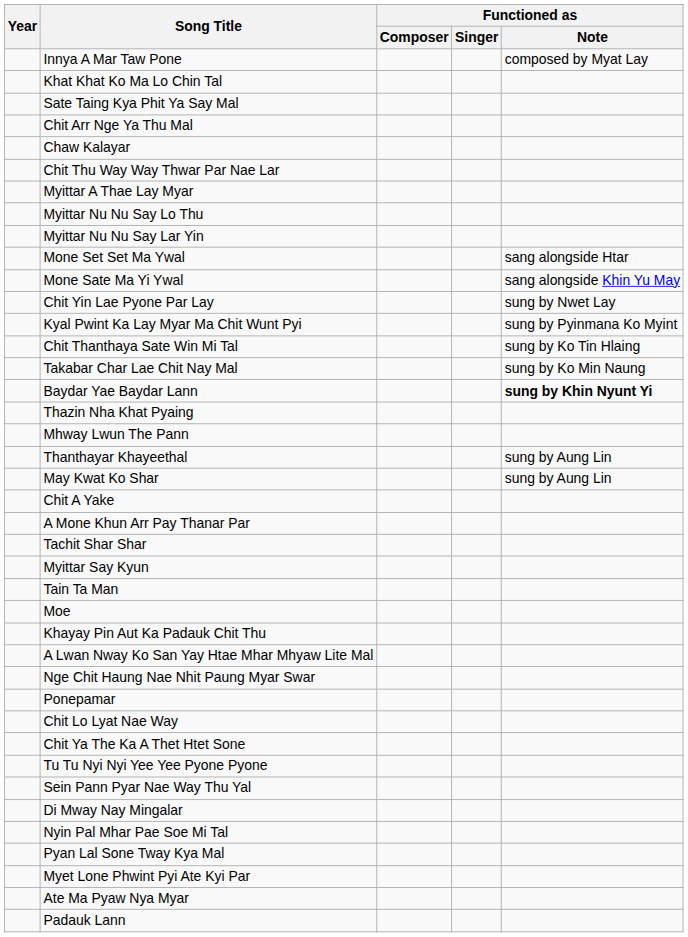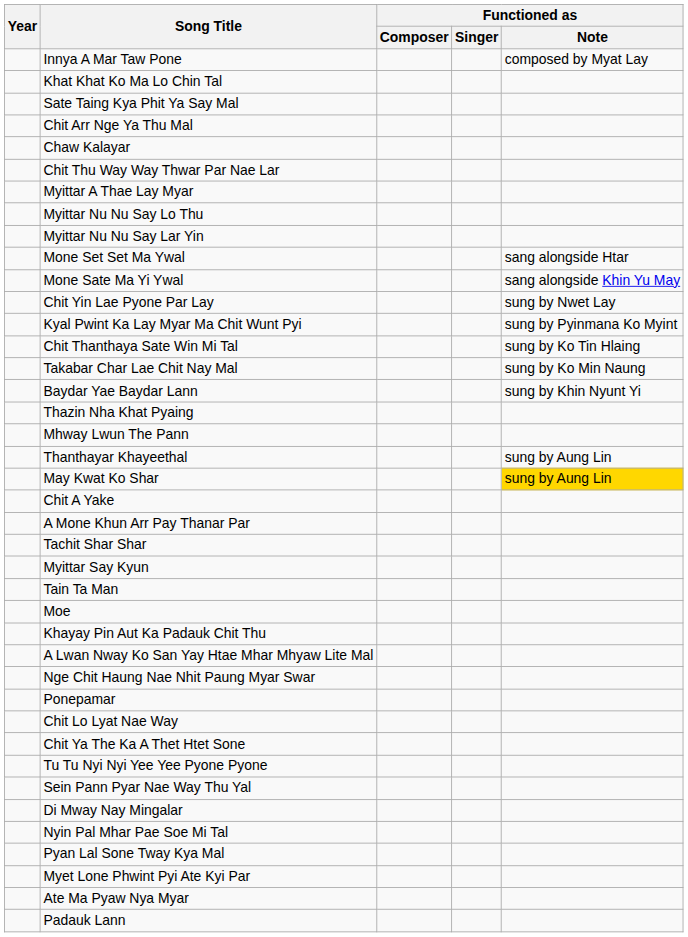 <table class="wikitable">
 <tr>
 <th rowspan="2">Year</th>
 <th rowspan="2">Song Title</th>
 <th colspan="5">Functioned as</th>
 </tr>
 <tr>
 <th>Composer</th>
 <th>Singer</th>
 <th>Note</th>
 </tr>
 <tr>
 <td></td>
 <td>Innya A Mar Taw Pone</td>
 <td></td>
 <td></td>
 <td>composed by Myat Lay</td>
 </tr>
 <tr>
 <td></td>
 <td>Khat Khat Ko Ma Lo Chin Tal</td>
 <td></td>
 <td></td>
 <td></td>
 </tr>
 <tr>
 <td></td>
 <td>Sate Taing Kya Phit Ya Say Mal</td>
 <td></td>
 <td></td>
 <td></td>
 </tr>
 <tr>
 <td></td>
 <td>Chit Arr Nge Ya Thu Mal</td>
 <td></td>
 <td></td>
 <td></td>
 </tr>
 <tr>
 <td></td>
 <td>Chaw Kalayar</td>
 <td></td>
 <td></td>
 <td></td>
 </tr>
 <tr>
 <td></td>
 <td>Chit Thu Way Way Thwar Par Nae Lar</td>
 <td></td>
 <td></td>
 <td></td>
 </tr>
 <tr>
 <td></td>
 <td>Myittar A Thae Lay Myar</td>
 <td></td>
 <td></td>
 <td></td>
 </tr>
 <tr>
 <td></td>
 <td>Myittar Nu Nu Say Lo Thu</td>
 <td></td>
 <td></td>
 <td></td>
 </tr>
 <tr>
 <td></td>
 <td>Myittar Nu Nu Say Lar Yin</td>
 <td></td>
 <td></td>
 <td></td>
 </tr>
 <tr>
 <td></td>
 <td>Mone Set Set Ma Ywal</td>
 <td></td>
 <td></td>
 <td>sang alongside Htar</td>
 </tr>
 <tr>
 <td></td>
 <td>Mone Sate Ma Yi Ywal</td>
 <td></td>
 <td></td>
 <td>sang alongside <a href='#'>Khin Yu May</a></td>
 </tr>
 <tr>
 <td></td>
 <td>Chit Yin Lae Pyone Par Lay</td>
 <td></td>
 <td></td>
 <td>sung by Nwet Lay</td>
 </tr>
 <tr>
 <td></td>
 <td>Kyal Pwint Ka Lay Myar Ma Chit Wunt Pyi</td>
 <td></td>
 <td></td>
 <td>sung by Pyinmana Ko Myint</td>
 </tr>
 <tr>
 <td></td>
 <td>Chit Thanthaya Sate Win Mi Tal</td>
 <td></td>
 <td></td>
 <td>sung by Ko Tin Hlaing</td>
 </tr>
 <tr>
 <td></td>
 <td>Takabar Char Lae Chit Nay Mal</td>
 <td></td>
 <td></td>
 <td>sung by Ko Min Naung</td>
 </tr>
 <tr>
 <td></td>
 <td>Baydar Yae Baydar Lann</td>
 <td></td>
 <td></td>
-<td><strong>sung by Khin Nyunt Yi</strong></td>
+<td>sung by Khin Nyunt Yi</td>
 </tr>
 <tr>
 <td></td>
 <td>Thazin Nha Khat Pyaing</td>
 <td></td>
 <td></td>
 <td></td>
 </tr>
 <tr>
 <td></td>
 <td>Mhway Lwun The Pann</td>
 <td></td>
 <td></td>
 <td></td>
 </tr>
 <tr>
 <td></td>
 <td>Thanthayar Khayeethal</td>
 <td></td>
 <td></td>
 <td>sung by Aung Lin</td>
 </tr>
 <tr>
 <td></td>
 <td>May Kwat Ko Shar</td>
 <td></td>
 <td></td>
-<td>sung by Aung Lin</td>
+<td style="background: gold;">sung by Aung Lin</td>
 </tr>
 <tr>
 <td></td>
 <td>Chit A Yake</td>
 <td></td>
 <td></td>
 <td></td>
 </tr>
 <tr>
 <td></td>
 <td>A Mone Khun Arr Pay Thanar Par</td>
 <td></td>
 <td></td>
 <td></td>
 </tr>
 <tr>
 <td></td>
 <td>Tachit Shar Shar</td>
 <td></td>
 <td></td>
 <td></td>
 </tr>
 <tr>
 <td></td>
 <td>Myittar Say Kyun</td>
 <td></td>
 <td></td>
 <td></td>
 </tr>
 <tr>
 <td></td>
 <td>Tain Ta Man</td>
 <td></td>
 <td></td>
 <td></td>
 </tr>
 <tr>
 <td></td>
 <td>Moe</td>
 <td></td>
 <td></td>
 <td></td>
 </tr>
 <tr>
 <td></td>
 <td>Khayay Pin Aut Ka Padauk Chit Thu</td>
 <td></td>
 <td></td>
 <td></td>
 </tr>
 <tr>
 <td></td>
 <td>A Lwan Nway Ko San Yay Htae Mhar Mhyaw Lite Mal</td>
 <td></td>
 <td></td>
 <td></td>
 </tr>
 <tr>
 <td></td>
 <td>Nge Chit Haung Nae Nhit Paung Myar Swar</td>
 <td></td>
 <td></td>
 <td></td>
 </tr>
 <tr>
 <td></td>
 <td>Ponepamar</td>
 <td></td>
 <td></td>
 <td></td>
 </tr>
 <tr>
 <td></td>
 <td>Chit Lo Lyat Nae Way</td>
 <td></td>
 <td></td>
 <td></td>
 </tr>
 <tr>
 <td></td>
 <td>Chit Ya The Ka A Thet Htet Sone</td>
 <td></td>
 <td></td>
 <td></td>
 </tr>
 <tr>
 <td></td>
 <td>Tu Tu Nyi Nyi Yee Yee Pyone Pyone</td>
 <td></td>
 <td></td>
 <td></td>
 </tr>
 <tr>
 <td></td>
 <td>Sein Pann Pyar Nae Way Thu Yal</td>
 <td></td>
 <td></td>
 <td></td>
 </tr>
 <tr>
 <td></td>
 <td>Di Mway Nay Mingalar</td>
 <td></td>
 <td></td>
 <td></td>
 </tr>
 <tr>
 <td></td>
 <td>Nyin Pal Mhar Pae Soe Mi Tal</td>
 <td></td>
 <td></td>
 <td></td>
 </tr>
 <tr>
 <td></td>
 <td>Pyan Lal Sone Tway Kya Mal</td>
 <td></td>
 <td></td>
 <td></td>
 </tr>
 <tr>
 <td></td>
 <td>Myet Lone Phwint Pyi Ate Kyi Par</td>
 <td></td>
 <td></td>
 <td></td>
 </tr>
 <tr>
 <td></td>
 <td>Ate Ma Pyaw Nya Myar</td>
 <td></td>
 <td></td>
 <td></td>
 </tr>
 <tr>
 <td></td>
 <td>Padauk Lann</td>
 <td></td>
 <td></td>
 <td></td>
 </tr>
 </table>
